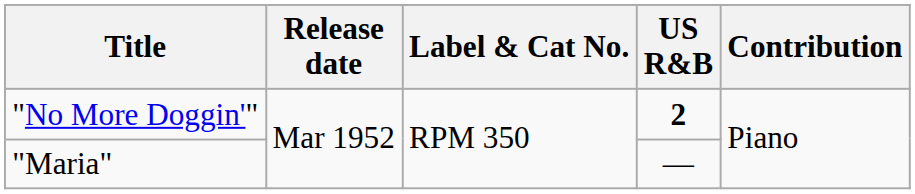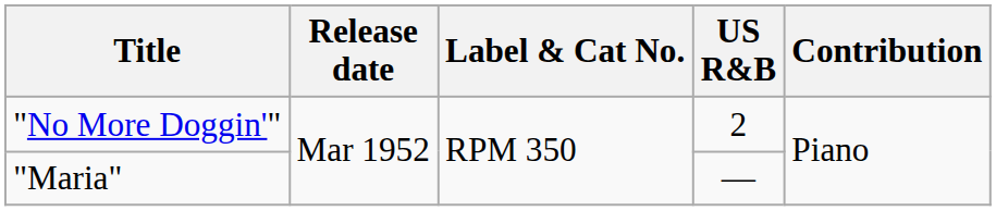 <table class="wikitable">
 <tr>
 <th>Title</th>
 <th>Release<br>date</th>
 <th>Label & Cat No.</th>
 <th>US<br>R&B<br></th>
 <th>Contribution</th>
 </tr>
 <tr>
 <td>"<a href='#'>No More Doggin'</a>"</td>
 <td rowspan="2">Mar 1952</td>
 <td rowspan="2">RPM 350</td>
-<td align="center"><strong>2</strong></td>
+<td align="center">2</td>
 <td rowspan="2">Piano</td>
 </tr>
 <tr>
 <td>"Maria"</td>
 <td align="center">—</td>
 </tr>
 </table>
